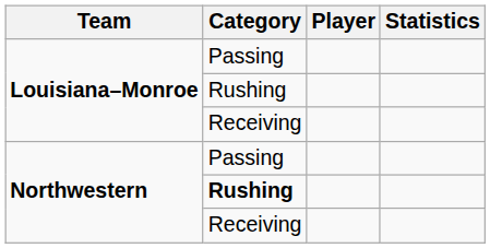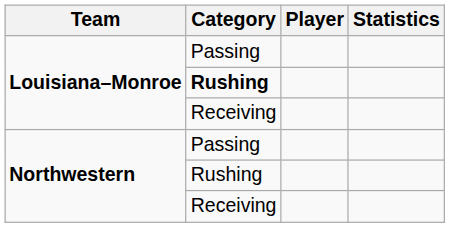 <table class="wikitable" style="float: right;">
 <tr>
 <th>Team</th>
 <th>Category</th>
 <th>Player</th>
 <th>Statistics</th>
 </tr>
 <tr>
 <td rowspan=3><strong>Louisiana–Monroe</strong></td>
 <td>Passing</td>
 <td></td>
 <td></td>
 </tr>
 <tr>
-<td>Rushing</td>
+<td><strong>Rushing</strong></td>
 <td></td>
 <td></td>
 </tr>
 <tr>
 <td>Receiving</td>
 <td></td>
 <td></td>
 </tr>
 <tr>
 <td rowspan=3><strong>Northwestern</strong></td>
 <td>Passing</td>
 <td></td>
 <td></td>
 </tr>
 <tr>
-<td><strong>Rushing</strong></td>
+<td>Rushing</td>
 <td></td>
 <td></td>
 </tr>
 <tr>
 <td>Receiving</td>
 <td></td>
 <td></td>
 </tr>
 </table>
